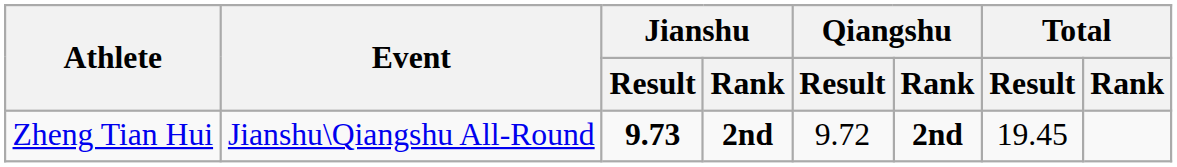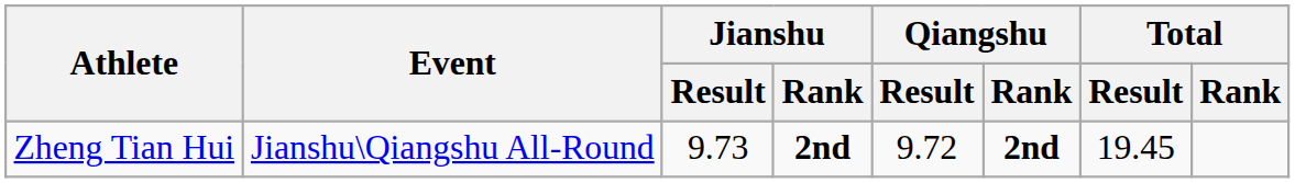 <table class=wikitable style="font-size:90%">
 <tr>
 <th rowspan="2">Athlete</th>
 <th rowspan="2">Event</th>
 <th colspan="2">Jianshu</th>
 <th colspan="2">Qiangshu</th>
 <th colspan="2">Total</th>
 </tr>
 <tr>
 <th>Result</th>
 <th>Rank</th>
 <th>Result</th>
 <th>Rank</th>
 <th>Result</th>
 <th>Rank</th>
 </tr>
 <tr>
 <td><a href='#'>Zheng Tian Hui</a></td>
 <td><a href='#'>Jianshu\Qiangshu All-Round</a></td>
-<td align=center><strong>9.73</strong></td>
+<td align=center>9.73</td>
 <td align=center><strong>2nd</strong></td>
 <td align=center>9.72</td>
 <td align=center><strong>2nd</strong></td>
 <td align=center>19.45</td>
 <td align=center></td>
 </tr>
 </table>
